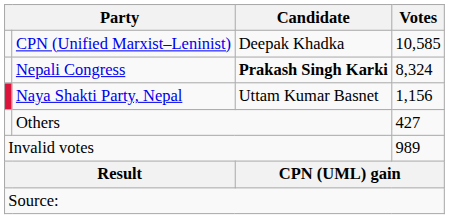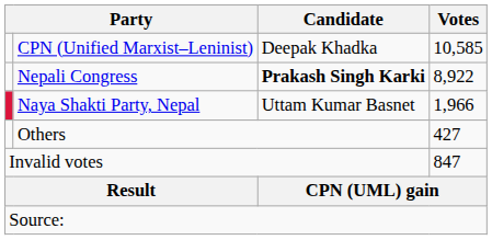 <table class="wikitable">
 <tr>
 <th colspan="2">Party</th>
 <th>Candidate</th>
 <th>Votes</th>
 </tr>
 <tr>
 <td style="background-color:"></td>
 <td><a href='#'>CPN (Unified Marxist–Leninist)</a></td>
 <td>Deepak Khadka</td>
 <td>10,585</td>
 </tr>
 <tr>
 <td style="background-color:"></td>
 <td><a href='#'>Nepali Congress</a></td>
 <td><strong>Prakash Singh Karki</strong></td>
-<td>8,324</td>
+<td>8,922</td>
 </tr>
 <tr>
 <td style="background-color:crimson"></td>
 <td><a href='#'>Naya Shakti Party, Nepal</a></td>
 <td>Uttam Kumar Basnet</td>
-<td>1,156</td>
+<td>1,966</td>
 </tr>
 <tr>
 <td></td>
 <td colspan="2">Others</td>
 <td>427</td>
 </tr>
 <tr>
 <td colspan="3">Invalid votes</td>
-<td>989</td>
+<td>847</td>
 </tr>
 <tr>
 <th colspan="2">Result</th>
 <th colspan="2">CPN (UML) gain</th>
 </tr>
 <tr>
 <td colspan="4">Source: </td>
 </tr>
 </table>
